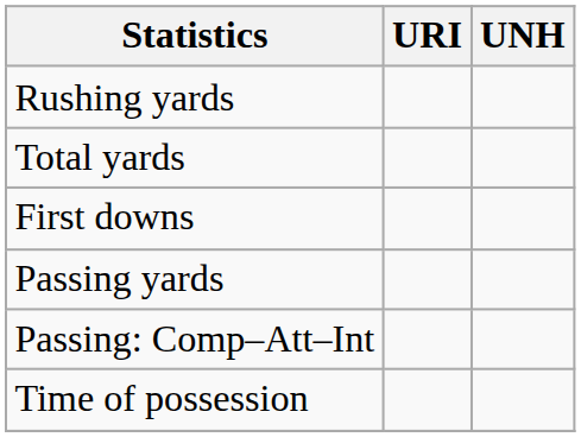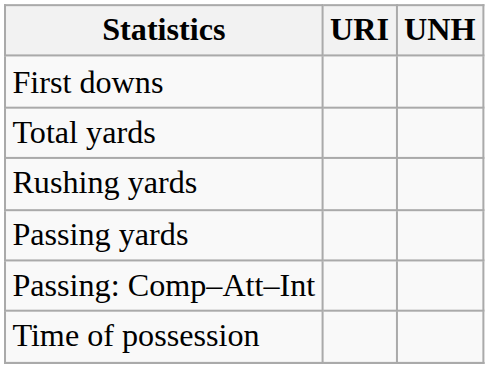 <table class="wikitable" style="float: left;">
 <tr>
 <th>Statistics</th>
 <th>URI</th>
 <th>UNH</th>
 </tr>
 <tr>
-<td>Rushing yards</td>
+<td>First downs</td>
 <td></td>
 <td></td>
 </tr>
 <tr>
 <td>Total yards</td>
 <td></td>
 <td></td>
 </tr>
 <tr>
-<td>First downs</td>
+<td>Rushing yards</td>
 <td></td>
 <td></td>
 </tr>
 <tr>
 <td>Passing yards</td>
 <td></td>
 <td></td>
 </tr>
 <tr>
 <td>Passing: Comp–Att–Int</td>
 <td></td>
 <td></td>
 </tr>
 <tr>
 <td>Time of possession</td>
 <td></td>
 <td></td>
 </tr>
 <tr>
 </tr>
 </table>
